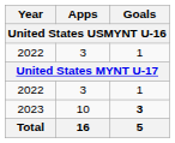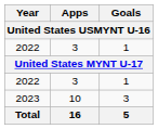 <table class="wikitable" style="text-align: center">
 <tr>
 <th>Year</th>
 <th>Apps</th>
 <th>Goals</th>
 </tr>
 <tr>
 <th colspan=3>United States USMYNT U-16</th>
 </tr>
 <tr>
 <td>2022</td>
 <td>3</td>
 <td>1</td>
 </tr>
 <tr>
 <th colspan=3><a href='#'>United States MYNT U-17</a></th>
 </tr>
 <tr>
 <td>2022</td>
 <td>3</td>
 <td>1</td>
 </tr>
 <tr>
 <td>2023</td>
 <td>10</td>
-<td><strong>3</strong></td>
+<td>3</td>
 </tr>
 <tr>
 <th>Total</th>
 <th>16</th>
 <th>5</th>
 </tr>
 </table>
